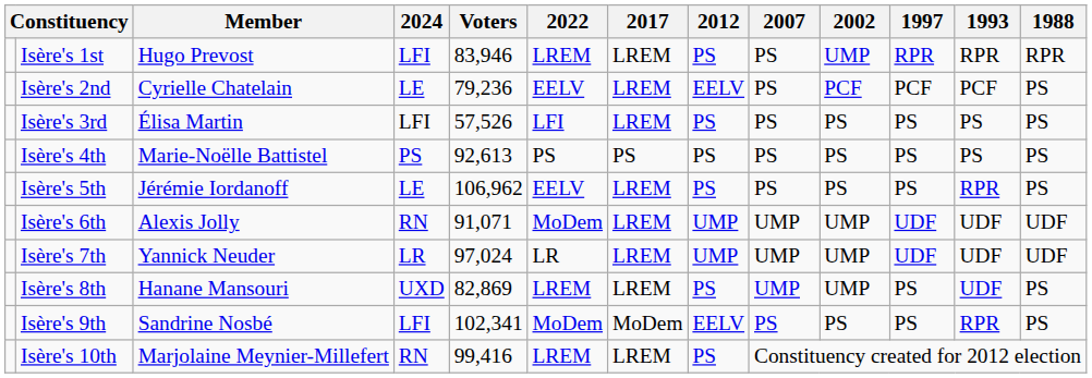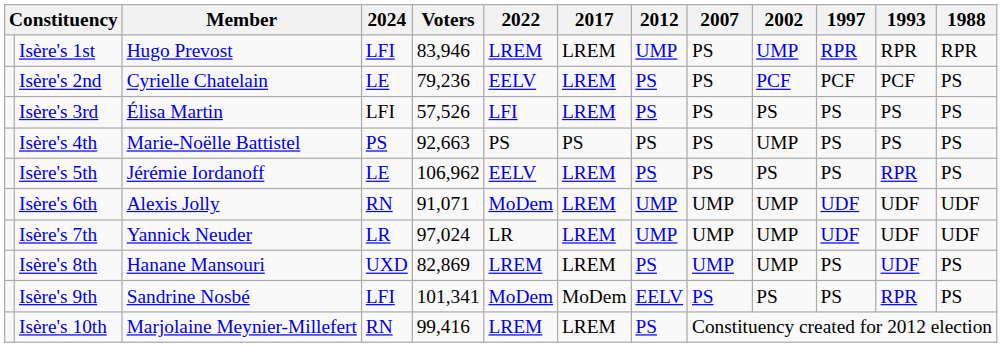 <table class="wikitable sortable">
 <tr>
 <th colspan="2">Constituency</th>
 <th>Member</th>
 <th>2024</th>
 <th>Voters</th>
 <th>2022</th>
 <th>2017</th>
 <th>2012</th>
 <th>2007</th>
 <th>2002</th>
 <th>1997</th>
 <th>1993</th>
 <th>1988</th>
 </tr>
 <tr>
 <td style="background-color: "></td>
 <td><a href='#'>Isère's 1st</a></td>
 <td><a href='#'>Hugo Prevost</a></td>
 <td><a href='#'>LFI</a></td>
 <td>83,946</td>
 <td><a href='#'>LREM</a></td>
 <td>LREM</td>
-<td><a href='#'>PS</a></td>
+<td><a href='#'>UMP</a></td>
 <td>PS</td>
 <td><a href='#'>UMP</a></td>
 <td><a href='#'>RPR</a></td>
 <td>RPR</td>
 <td>RPR</td>
 </tr>
 <tr>
 <td style="background-color: "></td>
 <td><a href='#'>Isère's 2nd</a></td>
 <td><a href='#'>Cyrielle Chatelain</a></td>
 <td><a href='#'>LE</a></td>
 <td>79,236</td>
 <td><a href='#'>EELV</a></td>
 <td><a href='#'>LREM</a></td>
-<td><a href='#'>EELV</a></td>
+<td><a href='#'>PS</a></td>
 <td>PS</td>
 <td><a href='#'>PCF</a></td>
 <td>PCF</td>
 <td>PCF</td>
 <td>PS</td>
 </tr>
 <tr>
 <td style="background-color: "></td>
 <td><a href='#'>Isère's 3rd</a></td>
 <td><a href='#'>Élisa Martin</a></td>
 <td>LFI</td>
 <td>57,526</td>
 <td><a href='#'>LFI</a></td>
 <td><a href='#'>LREM</a></td>
 <td><a href='#'>PS</a></td>
 <td>PS</td>
 <td>PS</td>
 <td>PS</td>
 <td>PS</td>
 <td>PS</td>
 </tr>
 <tr>
 <td style="background-color: "></td>
 <td><a href='#'>Isère's 4th</a></td>
 <td><a href='#'>Marie-Noëlle Battistel</a></td>
 <td><a href='#'>PS</a></td>
-<td>92,613</td>
+<td>92,663</td>
 <td>PS</td>
 <td>PS</td>
 <td>PS</td>
 <td>PS</td>
-<td>PS</td>
+<td>UMP</td>
 <td>PS</td>
 <td>PS</td>
 <td>PS</td>
 </tr>
 <tr>
 <td style="background-color: "></td>
 <td><a href='#'>Isère's 5th</a></td>
 <td><a href='#'>Jérémie Iordanoff</a></td>
 <td><a href='#'>LE</a></td>
 <td>106,962</td>
 <td><a href='#'>EELV</a></td>
 <td><a href='#'>LREM</a></td>
 <td><a href='#'>PS</a></td>
 <td>PS</td>
 <td>PS</td>
 <td>PS</td>
 <td><a href='#'>RPR</a></td>
 <td>PS</td>
 </tr>
 <tr>
 <td style="background-color: "></td>
 <td><a href='#'>Isère's 6th</a></td>
 <td><a href='#'>Alexis Jolly</a></td>
 <td><a href='#'>RN</a></td>
 <td>91,071</td>
 <td><a href='#'>MoDem</a></td>
 <td><a href='#'>LREM</a></td>
 <td><a href='#'>UMP</a></td>
 <td>UMP</td>
 <td>UMP</td>
 <td><a href='#'>UDF</a></td>
 <td>UDF</td>
 <td>UDF</td>
 </tr>
 <tr>
 <td style="background-color: "></td>
 <td><a href='#'>Isère's 7th</a></td>
 <td><a href='#'>Yannick Neuder</a></td>
 <td><a href='#'>LR</a></td>
 <td>97,024</td>
 <td>LR</td>
 <td><a href='#'>LREM</a></td>
 <td><a href='#'>UMP</a></td>
 <td>UMP</td>
 <td>UMP</td>
 <td><a href='#'>UDF</a></td>
 <td>UDF</td>
 <td>UDF</td>
 </tr>
 <tr>
 <td style="background-color: "></td>
 <td><a href='#'>Isère's 8th</a></td>
 <td><a href='#'>Hanane Mansouri</a></td>
 <td><a href='#'>UXD</a></td>
 <td>82,869</td>
 <td><a href='#'>LREM</a></td>
 <td>LREM</td>
 <td><a href='#'>PS</a></td>
 <td><a href='#'>UMP</a></td>
 <td>UMP</td>
 <td>PS</td>
 <td><a href='#'>UDF</a></td>
 <td>PS</td>
 </tr>
 <tr>
 <td style="background-color: "></td>
 <td><a href='#'>Isère's 9th</a></td>
 <td><a href='#'>Sandrine Nosbé</a></td>
 <td><a href='#'>LFI</a></td>
-<td>102,341</td>
+<td>101,341</td>
 <td><a href='#'>MoDem</a></td>
 <td>MoDem</td>
 <td><a href='#'>EELV</a></td>
 <td><a href='#'>PS</a></td>
 <td>PS</td>
 <td>PS</td>
 <td><a href='#'>RPR</a></td>
 <td>PS</td>
 </tr>
 <tr>
 <td style="background-color: "></td>
 <td><a href='#'>Isère's 10th</a></td>
 <td><a href='#'>Marjolaine Meynier-Millefert</a></td>
 <td><a href='#'>RN</a></td>
 <td>99,416</td>
 <td><a href='#'>LREM</a></td>
 <td>LREM</td>
 <td><a href='#'>PS</a></td>
 <td colspan="5">Constituency created for 2012 election</td>
 </tr>
 </table>
